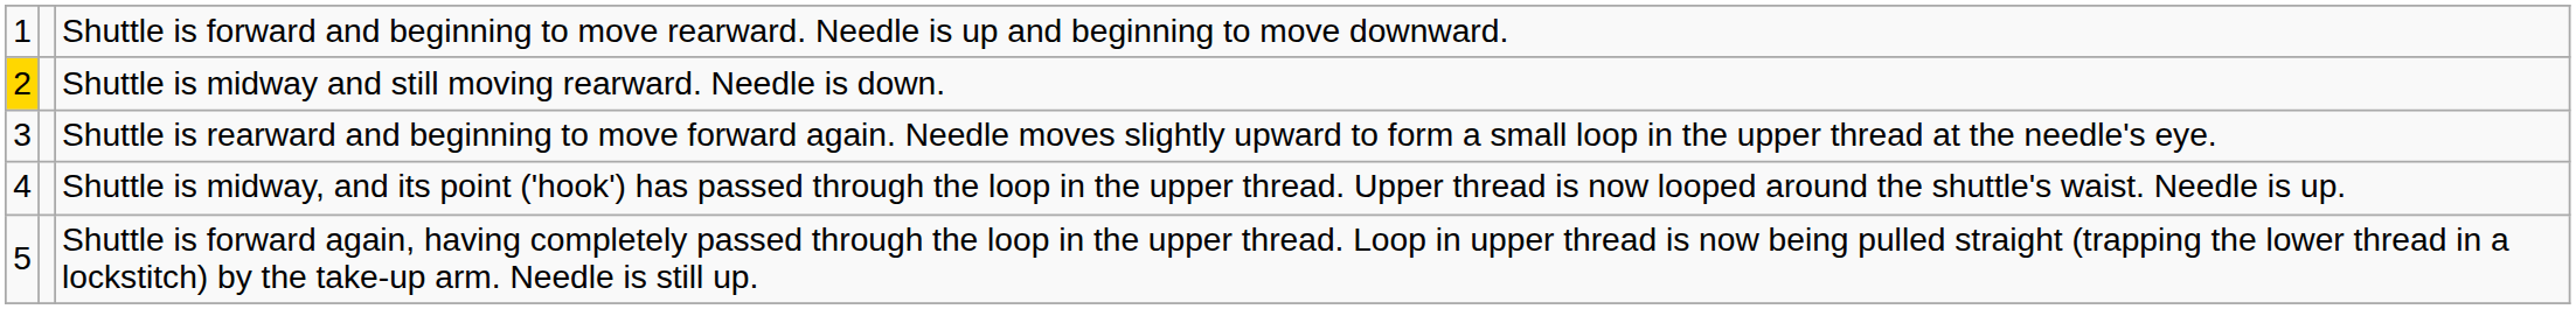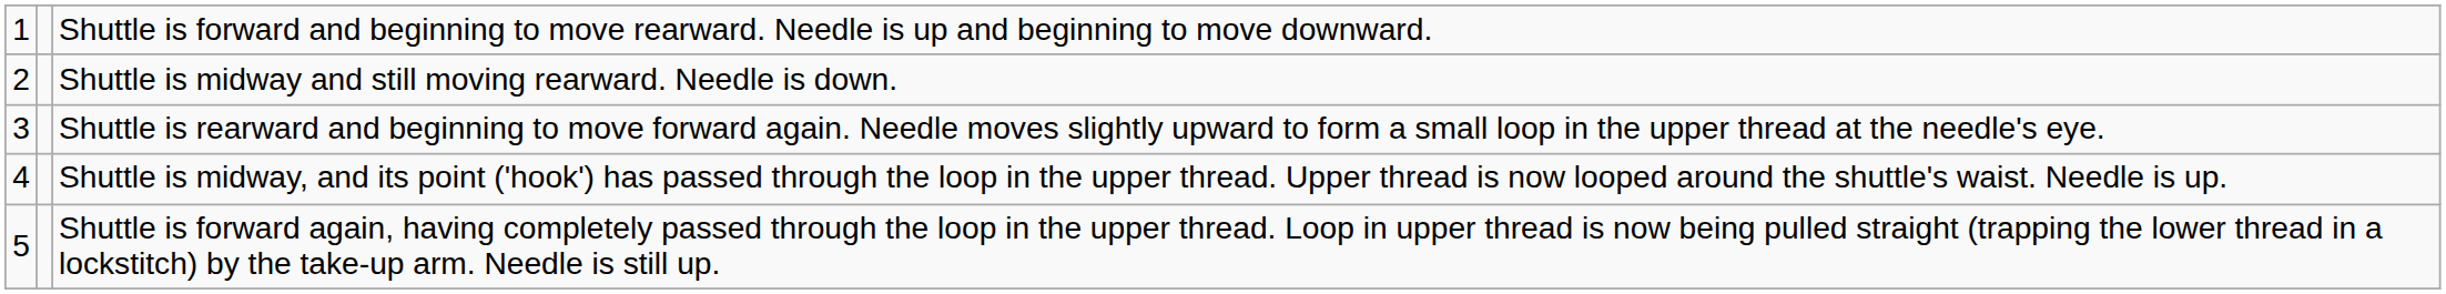 <table border="1" class="wikitable" align="center">
 <tr>
 <td>1</td>
 <td></td>
 <td>Shuttle is forward and beginning to move rearward.  Needle is up and beginning to move downward.</td>
 </tr>
 <tr>
-<td style="background: gold;">2</td>
+<td>2</td>
 <td></td>
 <td>Shuttle is midway and still moving rearward.  Needle is down.</td>
 </tr>
 <tr>
 <td>3</td>
 <td></td>
 <td>Shuttle is rearward and beginning to move forward again.  Needle moves slightly upward to form a small loop in the upper thread at the needle's eye.</td>
 </tr>
 <tr>
 <td>4</td>
 <td></td>
 <td>Shuttle is midway, and its point ('hook') has passed through the loop in the upper thread.  Upper thread is now looped around the shuttle's waist.  Needle is up.</td>
 </tr>
 <tr>
 <td>5</td>
 <td></td>
 <td>Shuttle is forward again, having completely passed through the loop in the upper thread.  Loop in upper thread is now being pulled straight (trapping the lower thread in a lockstitch) by the take-up arm.  Needle is still up.</td>
 </tr>
 </table>
